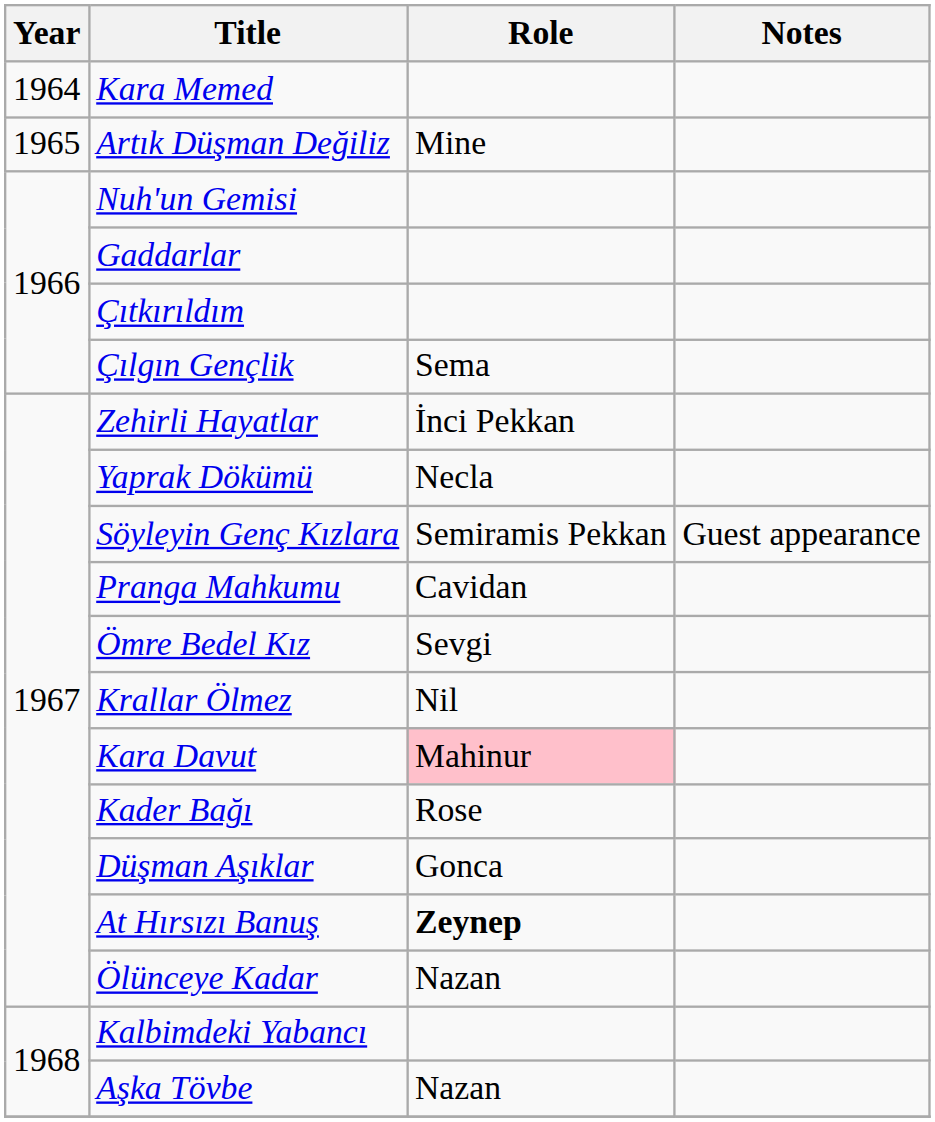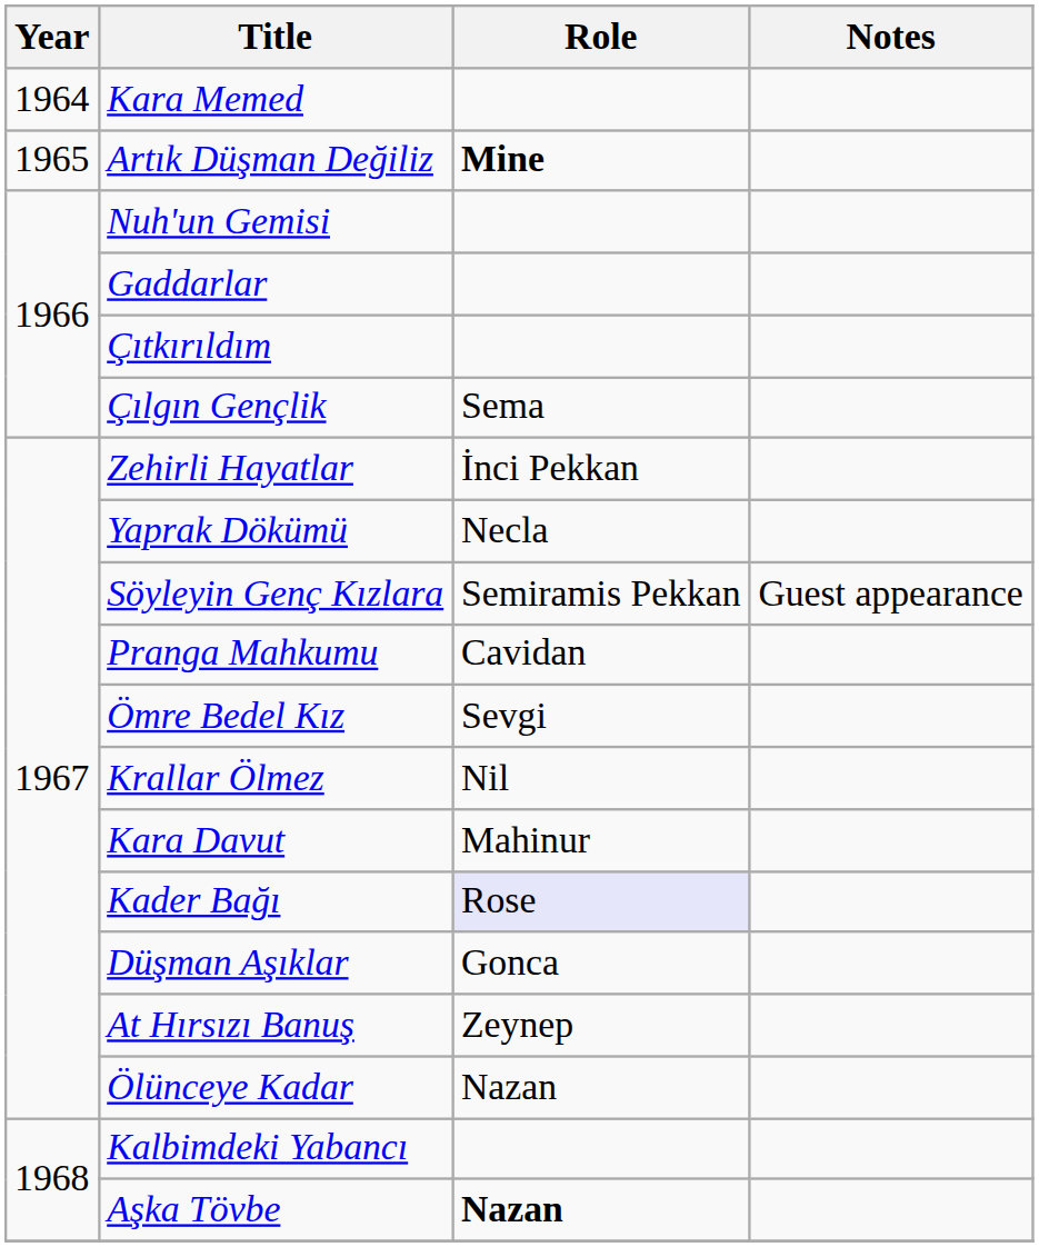 <table class="wikitable" style="font-size: 90%;">
 <tr>
 <th>Year</th>
 <th>Title</th>
 <th>Role</th>
 <th>Notes</th>
 </tr>
 <tr>
 <td>1964</td>
 <td><em><a href='#'>Kara Memed</a></em></td>
 <td></td>
 <td></td>
 </tr>
 <tr>
 <td>1965</td>
 <td><em><a href='#'>Artık Düşman Değiliz</a></em></td>
-<td>Mine</td>
+<td><strong>Mine</strong></td>
 <td></td>
 </tr>
 <tr>
 <td rowspan="4">1966</td>
 <td><em><a href='#'>Nuh'un Gemisi</a></em></td>
 <td></td>
 <td></td>
 </tr>
 <tr>
 <td><em><a href='#'>Gaddarlar</a></em></td>
 <td></td>
 <td></td>
 </tr>
 <tr>
 <td><em><a href='#'>Çıtkırıldım</a></em></td>
 <td></td>
 <td></td>
 </tr>
 <tr>
 <td><em><a href='#'>Çılgın Gençlik</a></em></td>
 <td>Sema</td>
 <td></td>
 </tr>
 <tr>
 <td rowspan="11">1967</td>
 <td><em><a href='#'>Zehirli Hayatlar</a></em></td>
 <td>İnci Pekkan</td>
 <td></td>
 </tr>
 <tr>
 <td><em><a href='#'>Yaprak Dökümü</a></em></td>
 <td>Necla</td>
 <td></td>
 </tr>
 <tr>
 <td><em><a href='#'>Söyleyin Genç Kızlara</a></em></td>
 <td>Semiramis Pekkan</td>
 <td>Guest appearance</td>
 </tr>
 <tr>
 <td><em><a href='#'>Pranga Mahkumu</a></em></td>
 <td>Cavidan</td>
 <td></td>
 </tr>
 <tr>
 <td><em><a href='#'>Ömre Bedel Kız</a></em></td>
 <td>Sevgi</td>
 <td></td>
 </tr>
 <tr>
 <td><em><a href='#'>Krallar Ölmez</a></em></td>
 <td>Nil</td>
 <td></td>
 </tr>
 <tr>
 <td><em><a href='#'>Kara Davut</a></em></td>
-<td style="background: pink;">Mahinur</td>
+<td>Mahinur</td>
 <td></td>
 </tr>
 <tr>
 <td><em><a href='#'>Kader Bağı</a></em></td>
-<td>Rose</td>
+<td style="background: lavender;">Rose</td>
 <td></td>
 </tr>
 <tr>
 <td><em><a href='#'>Düşman Aşıklar</a></em></td>
 <td>Gonca</td>
 <td></td>
 </tr>
 <tr>
 <td><em><a href='#'>At Hırsızı Banuş</a></em></td>
-<td><strong>Zeynep</strong></td>
+<td>Zeynep</td>
 <td></td>
 </tr>
 <tr>
 <td><em><a href='#'>Ölünceye Kadar</a></em></td>
 <td>Nazan</td>
 <td></td>
 </tr>
 <tr>
 <td rowspan="2">1968</td>
 <td><em><a href='#'>Kalbimdeki Yabancı</a></em></td>
 <td></td>
 <td></td>
 </tr>
 <tr>
 <td><em><a href='#'>Aşka Tövbe</a></em></td>
-<td>Nazan</td>
+<td><strong>Nazan</strong></td>
 <td></td>
 </tr>
 <tr>
 </tr>
 </table>
